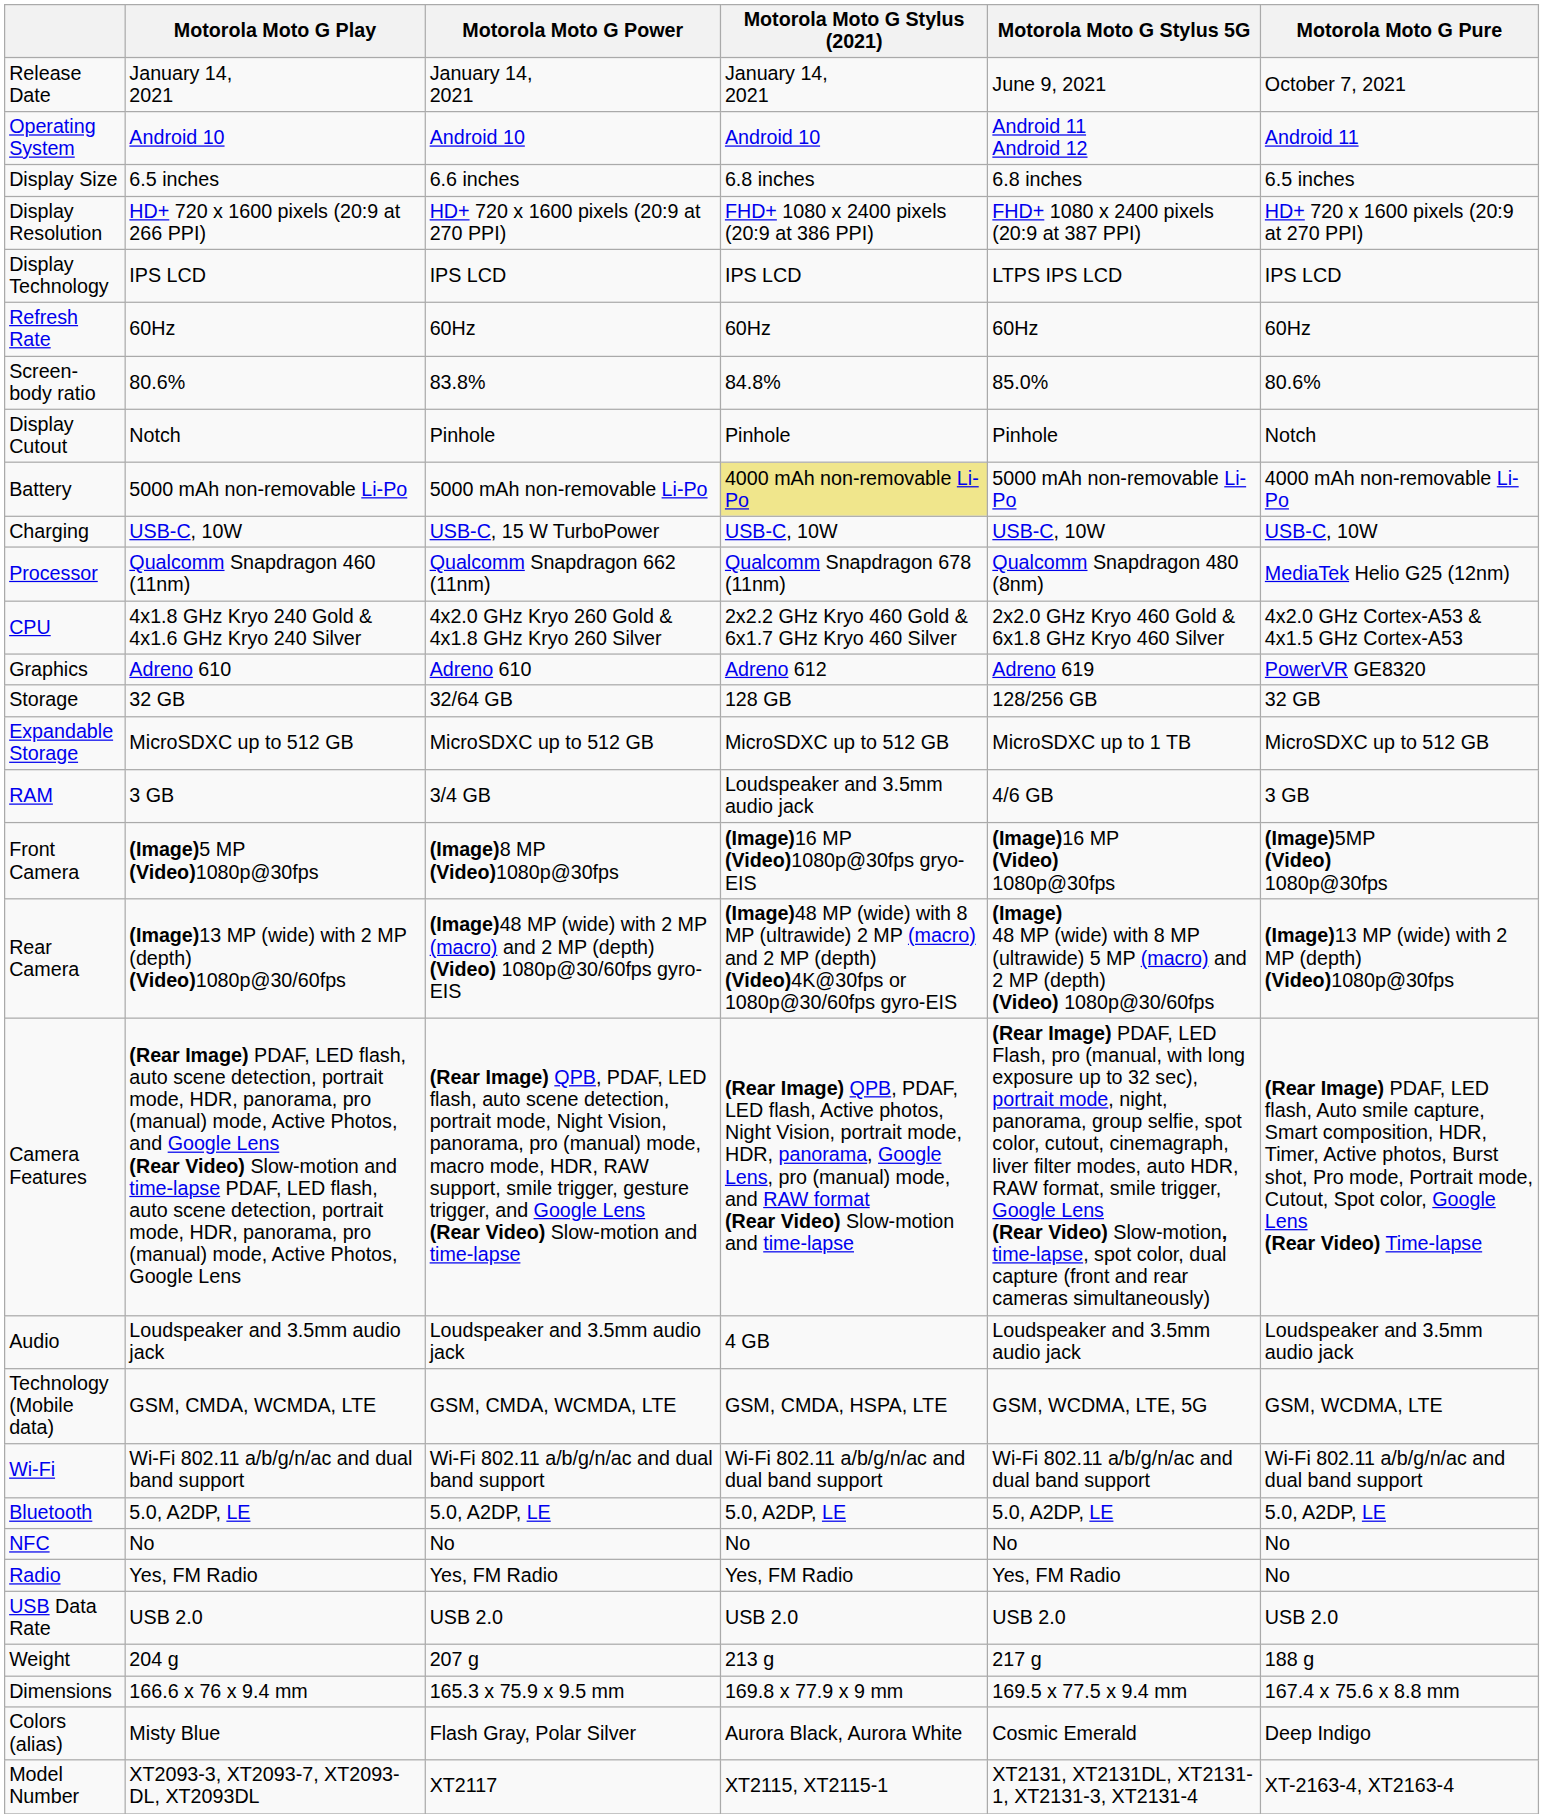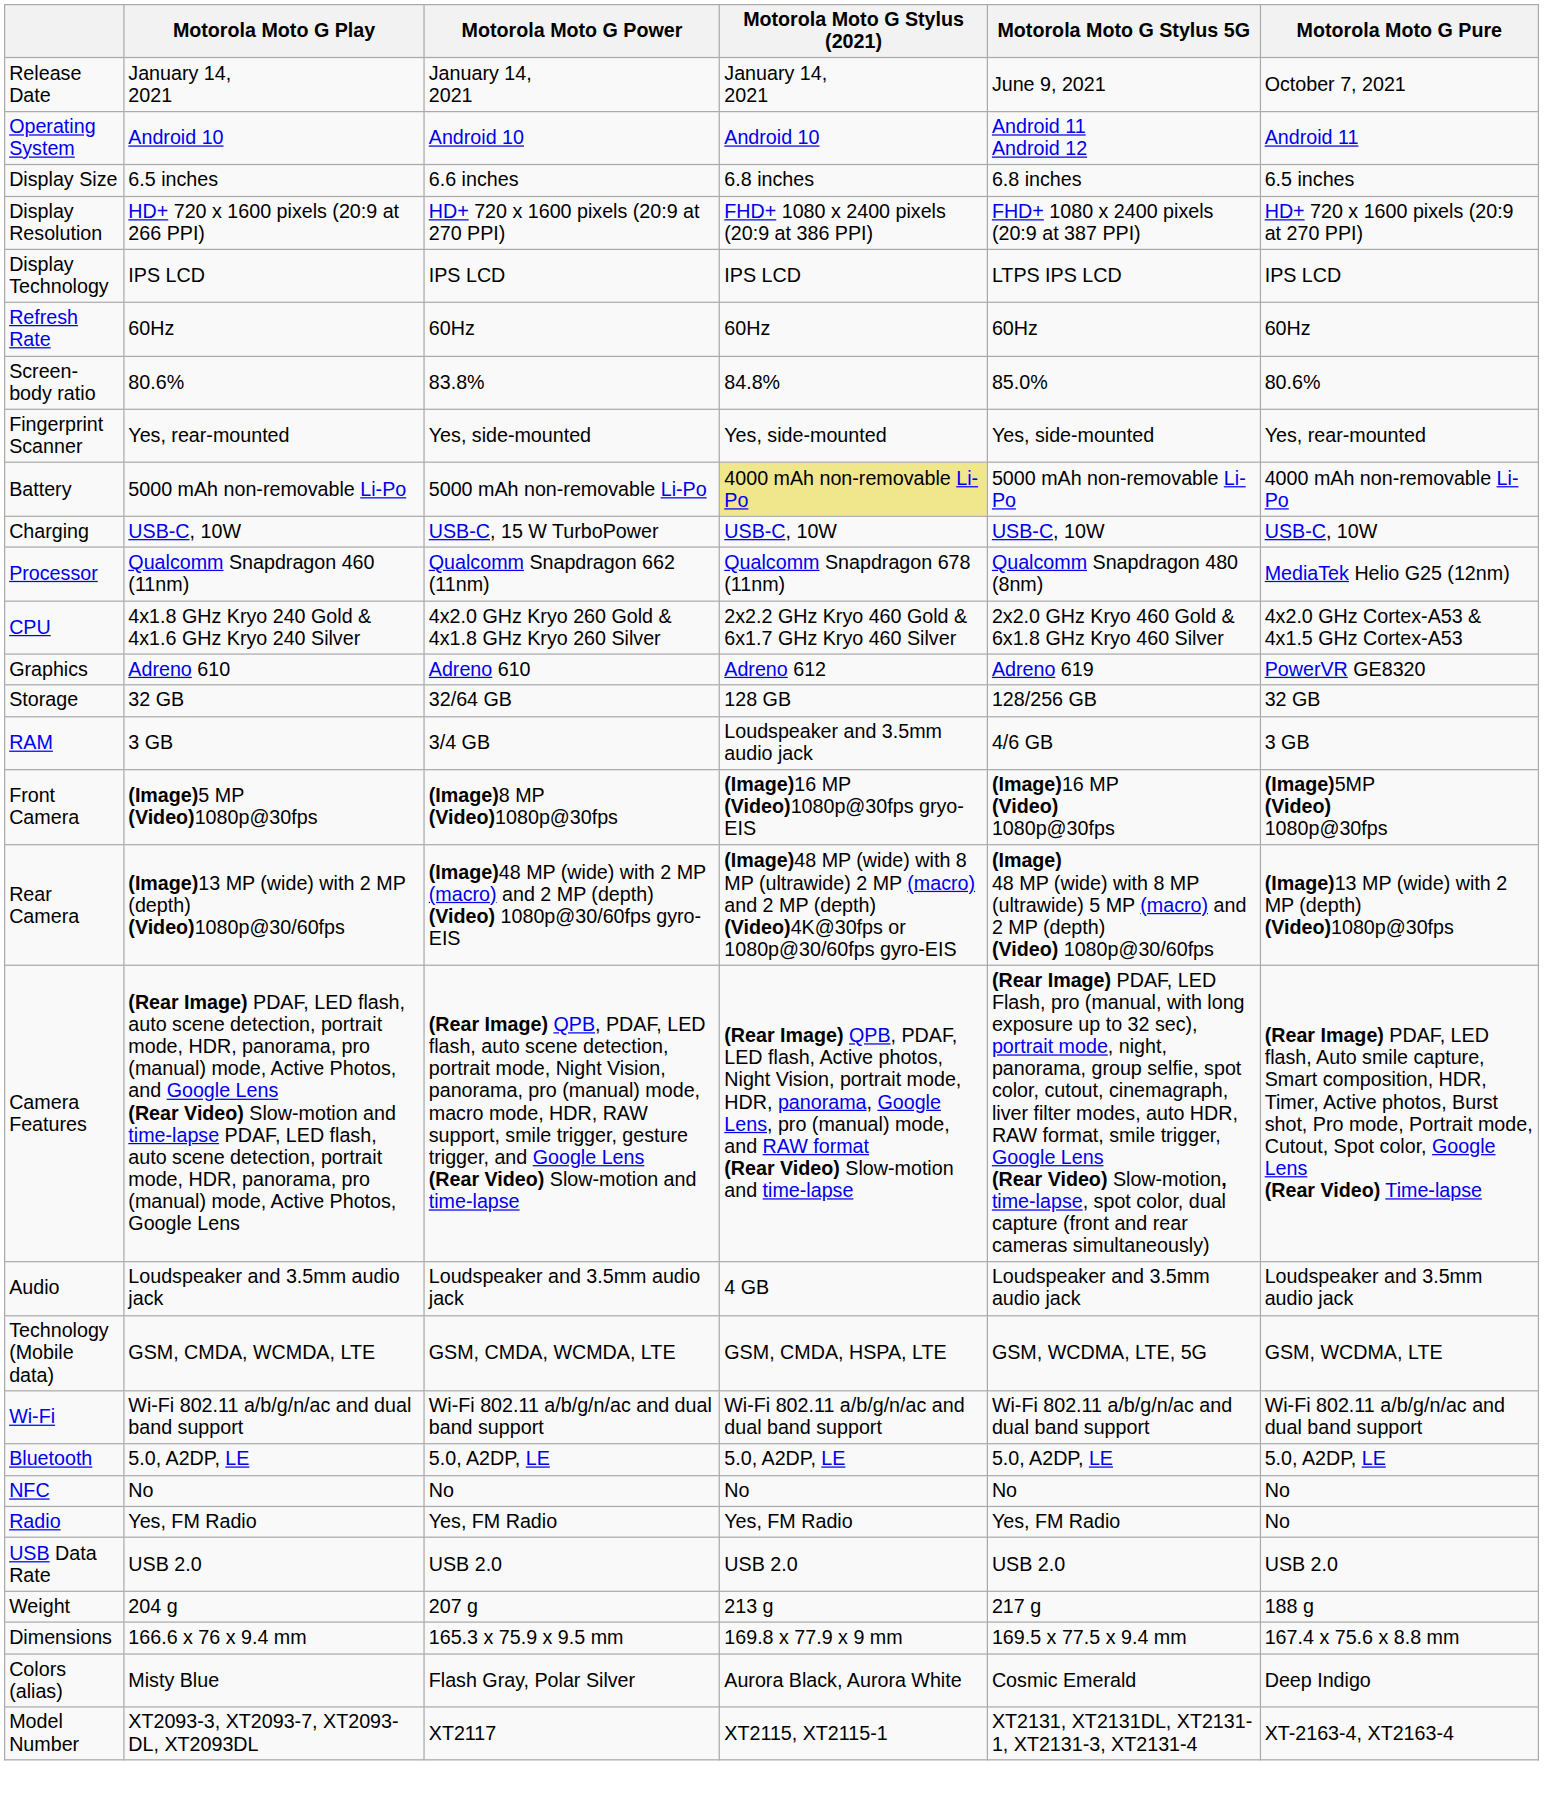 <table class="wikitable">
 <tr>
 <th></th>
 <th>Motorola Moto G Play</th>
 <th>Motorola Moto G Power</th>
 <th>Motorola Moto G Stylus (2021)</th>
 <th>Motorola Moto G Stylus 5G</th>
 <th>Motorola Moto G Pure</th>
 </tr>
 <tr>
 <td>Release Date</td>
 <td>January 14,<br>2021</td>
 <td>January 14,<br>2021</td>
 <td>January 14,<br>2021</td>
 <td>June 9, 2021</td>
 <td>October 7, 2021</td>
 </tr>
 <tr>
 <td><a href='#'>Operating System</a></td>
 <td><a href='#'>Android 10</a></td>
 <td><a href='#'>Android 10</a></td>
 <td><a href='#'>Android 10</a></td>
 <td><a href='#'>Android 11</a><br><a href='#'>Android 12</a></td>
 <td><a href='#'>Android 11</a></td>
 </tr>
 <tr>
 <td>Display Size</td>
 <td>6.5 inches</td>
 <td>6.6 inches</td>
 <td>6.8 inches</td>
 <td>6.8 inches</td>
 <td>6.5 inches</td>
 </tr>
 <tr>
 <td>Display Resolution</td>
 <td><a href='#'>HD+</a> 720 x 1600 pixels (20:9 at 266 PPI)</td>
 <td><a href='#'>HD+</a> 720 x 1600 pixels (20:9 at 270 PPI)</td>
 <td><a href='#'>FHD+</a> 1080 x 2400 pixels (20:9 at 386 PPI)</td>
 <td><a href='#'>FHD+</a> 1080 x 2400 pixels (20:9 at 387 PPI)</td>
 <td><a href='#'>HD+</a> 720 x 1600 pixels (20:9 at 270 PPI)</td>
 </tr>
 <tr>
 <td>Display Technology</td>
 <td>IPS LCD</td>
 <td>IPS LCD</td>
 <td>IPS LCD</td>
 <td>LTPS IPS LCD</td>
 <td>IPS LCD</td>
 </tr>
 <tr>
 <td><a href='#'>Refresh Rate</a></td>
 <td>60Hz</td>
 <td>60Hz</td>
 <td>60Hz</td>
 <td>60Hz</td>
 <td>60Hz</td>
 </tr>
 <tr>
 <td>Screen-body ratio</td>
 <td>80.6%</td>
 <td>83.8%</td>
 <td>84.8%</td>
 <td>85.0%</td>
 <td>80.6%</td>
 </tr>
 <tr>
-<td>Display Cutout</td>
-<td>Notch</td>
-<td>Pinhole</td>
-<td>Pinhole</td>
-<td>Pinhole</td>
-<td>Notch</td>
+<td>Fingerprint Scanner</td>
+<td>Yes, rear-mounted</td>
+<td>Yes, side-mounted</td>
+<td>Yes, side-mounted</td>
+<td>Yes, side-mounted</td>
+<td>Yes, rear-mounted</td>
 </tr>
 <tr>
 <td>Battery</td>
 <td>5000 mAh non-removable <a href='#'>Li-Po</a></td>
 <td>5000 mAh non-removable <a href='#'>Li-Po</a></td>
 <td style="background: khaki;">4000 mAh non-removable <a href='#'>Li-Po</a></td>
 <td>5000 mAh non-removable <a href='#'>Li-Po</a></td>
 <td>4000 mAh non-removable <a href='#'>Li-Po</a></td>
 </tr>
 <tr>
 <td>Charging</td>
 <td><a href='#'>USB-C</a>, 10W</td>
 <td><a href='#'>USB-C</a>, 15 W TurboPower</td>
 <td><a href='#'>USB-C</a>, 10W</td>
 <td><a href='#'>USB-C</a>, 10W</td>
 <td><a href='#'>USB-C</a>, 10W</td>
 </tr>
 <tr>
 <td><a href='#'>Processor</a></td>
 <td><a href='#'>Qualcomm</a> Snapdragon 460 (11nm)</td>
 <td><a href='#'>Qualcomm</a> Snapdragon 662 (11nm)</td>
 <td><a href='#'>Qualcomm</a> Snapdragon 678 (11nm)</td>
 <td><a href='#'>Qualcomm</a> Snapdragon 480 (8nm)</td>
 <td><a href='#'>MediaTek</a> Helio G25 (12nm)</td>
 </tr>
 <tr>
 <td><a href='#'>CPU</a></td>
 <td>4x1.8 GHz Kryo 240 Gold & 4x1.6 GHz Kryo 240 Silver</td>
 <td>4x2.0 GHz Kryo 260 Gold & 4x1.8 GHz Kryo 260 Silver</td>
 <td>2x2.2 GHz Kryo 460 Gold & 6x1.7 GHz Kryo 460 Silver</td>
 <td>2x2.0 GHz Kryo 460 Gold & 6x1.8 GHz Kryo 460 Silver</td>
 <td>4x2.0 GHz Cortex-A53 & 4x1.5 GHz Cortex-A53</td>
 </tr>
 <tr>
 <td>Graphics</td>
 <td><a href='#'>Adreno</a> 610</td>
 <td><a href='#'>Adreno</a> 610</td>
 <td><a href='#'>Adreno</a> 612</td>
 <td><a href='#'>Adreno</a> 619</td>
 <td><a href='#'>PowerVR</a> GE8320</td>
 </tr>
 <tr>
 <td>Storage</td>
 <td>32 GB</td>
 <td>32/64 GB</td>
 <td>128 GB</td>
 <td>128/256 GB</td>
 <td>32 GB</td>
-</tr>
-<tr>
-<td><a href='#'>Expandable Storage</a></td>
-<td>MicroSDXC up to 512 GB</td>
-<td>MicroSDXC up to 512 GB</td>
-<td>MicroSDXC up to 512 GB</td>
-<td>MicroSDXC up to 1 TB</td>
-<td>MicroSDXC up to 512 GB</td>
 </tr>
 <tr>
 <td><a href='#'>RAM</a></td>
 <td>3 GB</td>
 <td>3/4 GB</td>
 <td>Loudspeaker and 3.5mm audio jack</td>
 <td>4/6 GB</td>
 <td>3 GB</td>
 </tr>
 <tr>
 <td>Front Camera</td>
 <td><strong>(Image)</strong>5 MP<br><strong>(Video)</strong>1080p@30fps</td>
 <td><strong>(Image)</strong>8 MP<br><strong>(Video)</strong>1080p@30fps</td>
 <td><strong>(Image)</strong>16 MP<br><strong>(Video)</strong>1080p@30fps gryo-EIS</td>
 <td><strong>(Image)</strong>16 MP<br><strong>(Video)</strong><br>1080p@30fps</td>
 <td><strong>(Image)</strong>5MP<br><strong>(Video)</strong><br>1080p@30fps</td>
 </tr>
 <tr>
 <td>Rear Camera</td>
 <td><strong>(Image)</strong>13 MP (wide) with 2 MP (depth)<br><strong>(Video)</strong>1080p@30/60fps</td>
 <td><strong>(Image)</strong>48 MP (wide) with 2 MP <a href='#'>(macro)</a> and 2 MP (depth)<br><strong>(Video)</strong> 1080p@30/60fps gyro-EIS</td>
 <td><strong>(Image)</strong>48 MP (wide) with 8 MP (ultrawide) 2 MP <a href='#'>(macro)</a> and 2 MP (depth)<br><strong>(Video)</strong>4K@30fps or 1080p@30/60fps gyro-EIS</td>
 <td><strong>(Image)</strong><br>48 MP (wide) with 8 MP (ultrawide) 5 MP <a href='#'>(macro)</a> and 2 MP (depth)<br><strong>(Video)</strong> 1080p@30/60fps</td>
 <td><strong>(Image)</strong>13 MP (wide) with 2 MP (depth)<br><strong>(Video)</strong>1080p@30fps</td>
 </tr>
 <tr>
 <td>Camera Features</td>
 <td><strong>(Rear Image)</strong> PDAF, LED flash, auto scene detection, portrait mode, HDR, panorama, pro (manual) mode, Active Photos, and <a href='#'>Google Lens</a><br><strong>(Rear Video)</strong> Slow-motion and <a href='#'>time-lapse</a> PDAF, LED flash, auto scene detection, portrait mode, HDR, panorama, pro (manual) mode, Active Photos, Google Lens</td>
 <td><strong>(Rear Image)</strong> <a href='#'>QPB</a>, PDAF, LED flash, auto scene detection, portrait mode, Night Vision, panorama, pro (manual) mode, macro mode, HDR, RAW support, smile trigger, gesture trigger, and <a href='#'>Google Lens</a><br><strong>(Rear Video)</strong> Slow-motion and <a href='#'>time-lapse</a></td>
 <td><strong>(Rear Image)</strong> <a href='#'>QPB</a>, PDAF, LED flash, Active photos, Night Vision, portrait mode, HDR, <a href='#'>panorama</a>, <a href='#'>Google Lens</a>, pro (manual) mode, and <a href='#'>RAW format</a><br><strong>(Rear Video)</strong> Slow-motion and <a href='#'>time-lapse</a></td>
 <td><strong>(Rear Image)</strong> PDAF, LED Flash, pro (manual, with long exposure up to 32 sec), <a href='#'>portrait mode</a>, night, panorama, group selfie, spot color, cutout, cinemagraph, liver filter modes, auto HDR, RAW format, smile trigger, <a href='#'>Google Lens</a><br><strong>(Rear Video)</strong> Slow-motion<strong>,</strong> <a href='#'>time-lapse</a>, spot color, dual capture (front and rear cameras simultaneously)</td>
 <td><strong>(Rear Image)</strong> PDAF, LED flash, Auto smile capture, Smart composition, HDR, Timer, Active photos, Burst shot, Pro mode, Portrait mode, Cutout, Spot color, <a href='#'>Google Lens</a><br><strong>(Rear Video)</strong> <a href='#'>Time-lapse</a></td>
 </tr>
 <tr>
 <td>Audio</td>
 <td>Loudspeaker and 3.5mm audio jack</td>
 <td>Loudspeaker and 3.5mm audio jack</td>
 <td>4 GB</td>
 <td>Loudspeaker and 3.5mm audio jack</td>
 <td>Loudspeaker and 3.5mm audio jack</td>
 </tr>
 <tr>
 <td>Technology (Mobile data)</td>
 <td>GSM, CMDA, WCMDA, LTE</td>
 <td>GSM, CMDA, WCMDA, LTE</td>
 <td>GSM, CMDA, HSPA, LTE</td>
 <td>GSM, WCDMA, LTE, 5G</td>
 <td>GSM, WCDMA, LTE</td>
 </tr>
 <tr>
 <td><a href='#'>Wi-Fi</a></td>
 <td>Wi-Fi 802.11 a/b/g/n/ac and dual band support</td>
 <td>Wi-Fi 802.11 a/b/g/n/ac and dual band support</td>
 <td>Wi-Fi 802.11 a/b/g/n/ac and dual band support</td>
 <td>Wi-Fi 802.11 a/b/g/n/ac and dual band support</td>
 <td>Wi-Fi 802.11 a/b/g/n/ac and dual band support</td>
 </tr>
 <tr>
 <td><a href='#'>Bluetooth</a></td>
 <td>5.0, A2DP, <a href='#'>LE</a></td>
 <td>5.0, A2DP, <a href='#'>LE</a></td>
 <td>5.0, A2DP, <a href='#'>LE</a></td>
 <td>5.0, A2DP, <a href='#'>LE</a></td>
 <td>5.0, A2DP, <a href='#'>LE</a></td>
 </tr>
 <tr>
 <td><a href='#'>NFC</a></td>
 <td>No</td>
 <td>No</td>
 <td>No</td>
 <td>No</td>
 <td>No</td>
 </tr>
 <tr>
 <td><a href='#'>Radio</a></td>
 <td>Yes, FM Radio</td>
 <td>Yes, FM Radio</td>
 <td>Yes, FM Radio</td>
 <td>Yes, FM Radio</td>
 <td>No</td>
 </tr>
 <tr>
 <td><a href='#'>USB</a> Data Rate</td>
 <td>USB 2.0</td>
 <td>USB 2.0</td>
 <td>USB 2.0</td>
 <td>USB 2.0</td>
 <td>USB 2.0</td>
 </tr>
 <tr>
 <td>Weight</td>
 <td>204 g</td>
 <td>207 g</td>
 <td>213 g</td>
 <td>217 g</td>
 <td>188 g</td>
 </tr>
 <tr>
 <td>Dimensions</td>
 <td>166.6 x 76 x 9.4 mm</td>
 <td>165.3 x 75.9 x 9.5 mm</td>
 <td>169.8 x 77.9 x 9 mm</td>
 <td>169.5 x 77.5 x 9.4 mm</td>
 <td>167.4 x 75.6 x 8.8 mm</td>
 </tr>
 <tr>
 <td>Colors (alias)</td>
 <td>Misty Blue</td>
 <td>Flash Gray, Polar Silver</td>
 <td>Aurora Black, Aurora White</td>
 <td>Cosmic Emerald</td>
 <td>Deep Indigo</td>
 </tr>
 <tr>
 <td>Model Number</td>
 <td>XT2093-3, XT2093-7, XT2093-DL, XT2093DL</td>
 <td>XT2117</td>
 <td>XT2115, XT2115-1</td>
 <td>XT2131, XT2131DL, XT2131-1, XT2131-3, XT2131-4</td>
 <td>XT-2163-4, XT2163-4</td>
 </tr>
 </table>
